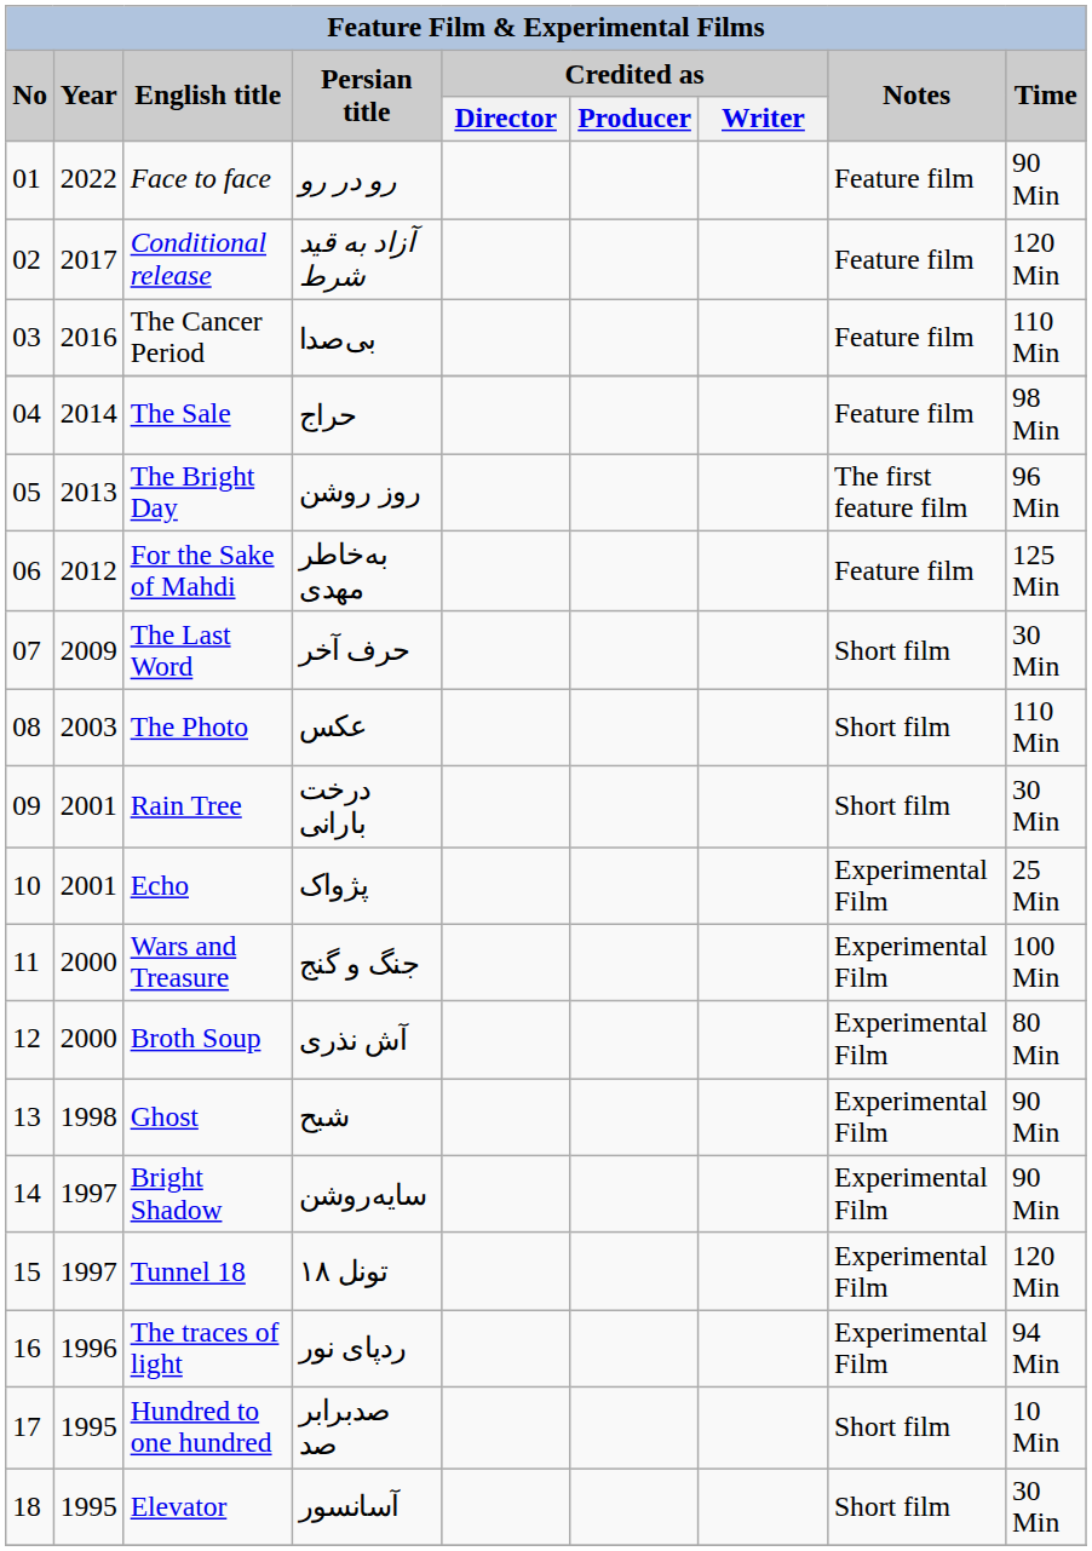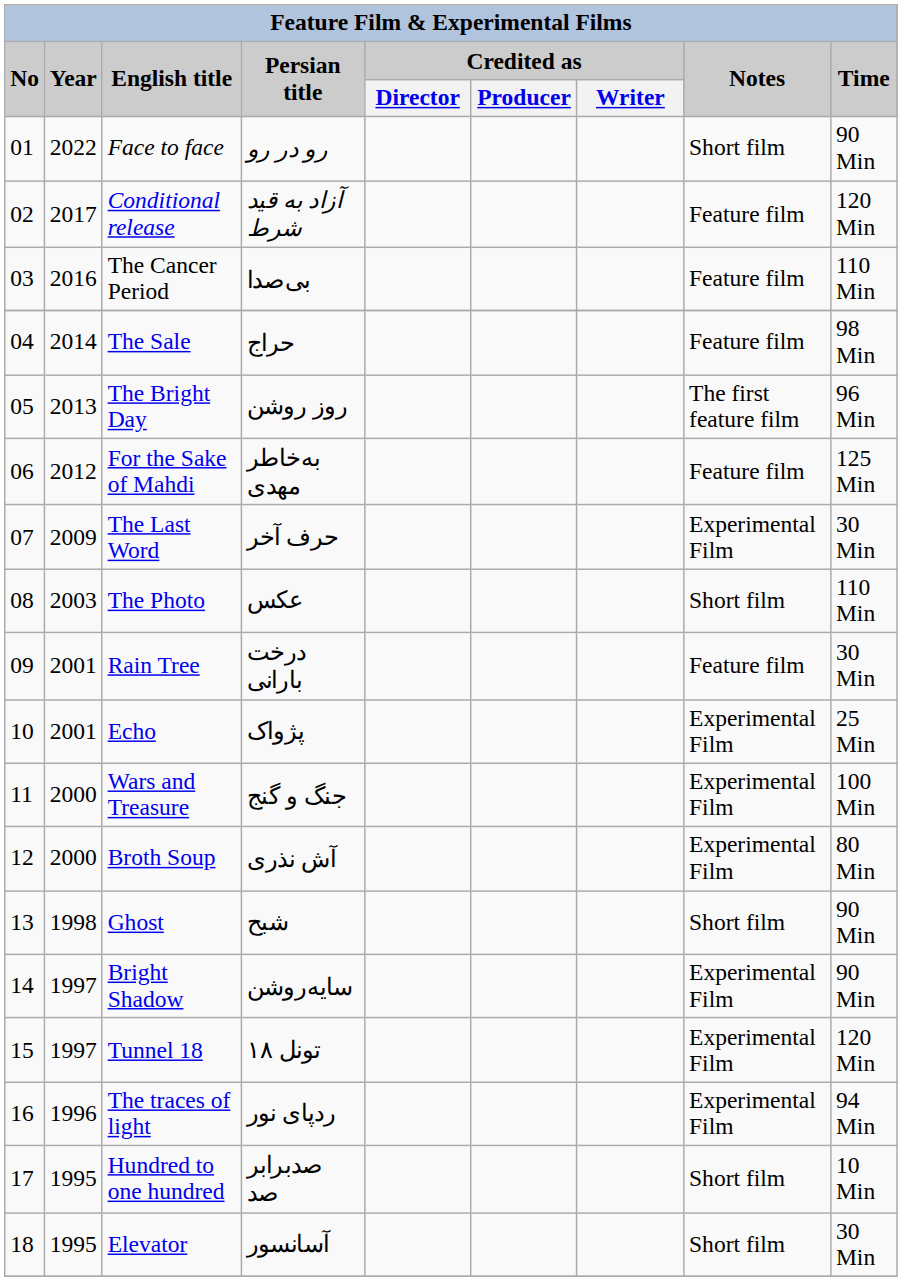 <table class="wikitable" | border="2" cellpadding="4" background: #f9f9f9;>
 <tr style="text-align:center;">
 <th colspan=9 style="background:#B0C4DE;">Feature Film & Experimental Films</th>
 </tr>
 <tr>
 <th style="background:#ccc;" rowspan="2">No</th>
 <th style="background:#ccc;" rowspan="2">Year</th>
 <th style="background:#ccc;" rowspan="2">English title</th>
 <th style="background:#ccc;" rowspan="2">Persian title</th>
 <th style="background:#ccc;" colspan="3">Credited as</th>
 <th style="background:#ccc;" rowspan="2">Notes</th>
 <th style="background:#ccc;" rowspan="2">Time</th>
 </tr>
 <tr>
 <th width=65><a href='#'>Director</a></th>
 <th width=65><a href='#'>Producer</a></th>
 <th width=65><a href='#'>Writer</a></th>
 </tr>
 <tr>
 <td>01</td>
 <td>2022</td>
 <td><em>Face to face</em></td>
 <td><em>رو در رو</em></td>
 <td></td>
 <td></td>
 <td></td>
-<td>Feature film</td>
+<td>Short film</td>
 <td>90 Min</td>
 </tr>
 <tr>
 <td>02</td>
 <td>2017</td>
 <td><em><a href='#'>Conditional release</a></em></td>
 <td><em>آزاد به قید شرط</em></td>
 <td></td>
 <td></td>
 <td></td>
 <td>Feature film</td>
 <td>120 Min</td>
 </tr>
 <tr>
 <td>03</td>
 <td>2016</td>
 <td>The Cancer Period<em></td>
 <td></em>بی‌صدا<em></td>
 <td></td>
 <td></td>
 <td></td>
 <td>Feature film</td>
 <td>110 Min</td>
 </tr>
 <tr>
 </tr>
 <tr>
 <td>04</td>
 <td>2014</td>
 <td></em><a href='#'>The Sale</a><em></td>
 <td></em>حراج<em></td>
 <td></td>
 <td></td>
 <td></td>
 <td>Feature film</td>
 <td>98 Min</td>
 </tr>
 <tr>
 <td>05</td>
 <td>2013</td>
 <td></em><a href='#'>The Bright Day</a><em></td>
 <td></em>روز روشن<em></td>
 <td></td>
 <td></td>
 <td></td>
 <td>The first feature film</td>
 <td>96 Min</td>
 </tr>
 <tr>
 <td>06</td>
 <td>2012</td>
 <td></em><a href='#'>For the Sake of Mahdi</a><em></td>
 <td></em>به‌خاطر مهدی<em></td>
 <td></td>
 <td></td>
 <td></td>
 <td>Feature film</td>
 <td>125 Min</td>
 </tr>
 <tr>
 <td>07</td>
 <td>2009</td>
 <td></em><a href='#'>The Last Word</a><em></td>
 <td></em>حرف آخر<em></td>
 <td></td>
 <td></td>
 <td></td>
-<td>Short film</td>
+<td>Experimental Film</td>
 <td>30 Min</td>
 </tr>
 <tr>
 <td>08</td>
 <td>2003</td>
 <td></em><a href='#'>The Photo</a><em></td>
 <td></em>عکس<em></td>
 <td></td>
 <td></td>
 <td></td>
 <td>Short film</td>
 <td>110 Min</td>
 </tr>
 <tr>
 <td>09</td>
 <td>2001</td>
 <td></em><a href='#'>Rain Tree</a><em></td>
 <td></em>درخت بارانی<em></td>
 <td></td>
 <td></td>
 <td></td>
-<td>Short film</td>
+<td>Feature film</td>
 <td>30 Min</td>
 </tr>
 <tr>
 <td>10</td>
 <td>2001</td>
 <td></em><a href='#'>Echo</a><em></td>
 <td></em>پژواک<em></td>
 <td></td>
 <td></td>
 <td></td>
 <td>Experimental Film</td>
 <td>25 Min</td>
 </tr>
 <tr>
 <td>11</td>
 <td>2000</td>
 <td></em><a href='#'>Wars and Treasure</a><em></td>
 <td></em>جنگ و گنج<em></td>
 <td></td>
 <td></td>
 <td></td>
 <td>Experimental Film</td>
 <td>100 Min</td>
 </tr>
 <tr>
 <td>12</td>
 <td>2000</td>
 <td></em><a href='#'>Broth Soup</a><em></td>
 <td></em>آش نذری<em></td>
 <td></td>
 <td></td>
 <td></td>
 <td>Experimental Film</td>
 <td>80 Min</td>
 </tr>
 <tr>
 <td>13</td>
 <td>1998</td>
 <td></em><a href='#'>Ghost</a><em></td>
 <td></em>شبح<em></td>
 <td></td>
 <td></td>
 <td></td>
-<td>Experimental Film</td>
+<td>Short film</td>
 <td>90 Min</td>
 </tr>
 <tr>
 <td>14</td>
 <td>1997</td>
 <td></em><a href='#'>Bright Shadow</a><em></td>
 <td></em>سایه‌روشن<em></td>
 <td></td>
 <td></td>
 <td></td>
 <td>Experimental Film</td>
 <td>90 Min</td>
 </tr>
 <tr>
 <td>15</td>
 <td>1997</td>
 <td></em><a href='#'>Tunnel 18</a><em></td>
 <td></em>تونل ١٨<em></td>
 <td></td>
 <td></td>
 <td></td>
 <td>Experimental Film</td>
 <td>120 Min</td>
 </tr>
 <tr>
 <td>16</td>
 <td>1996</td>
 <td></em><a href='#'>The traces of light</a><em></td>
 <td></em>ردپای نور<em></td>
 <td></td>
 <td></td>
 <td></td>
 <td>Experimental Film</td>
 <td>94 Min</td>
 </tr>
 <tr>
 <td>17</td>
 <td>1995</td>
 <td></em><a href='#'>Hundred to one hundred</a><em></td>
 <td></em>صدبرابر صد<em></td>
 <td></td>
 <td></td>
 <td></td>
 <td>Short film</td>
 <td>10 Min</td>
 </tr>
 <tr>
 <td>18</td>
 <td>1995</td>
 <td></em><a href='#'>Elevator</a><em></td>
 <td></em>آسانسور<em></td>
 <td></td>
 <td></td>
 <td></td>
 <td>Short film</td>
 <td>30 Min</td>
 </tr>
 <tr>
 </tr>
 </table>
